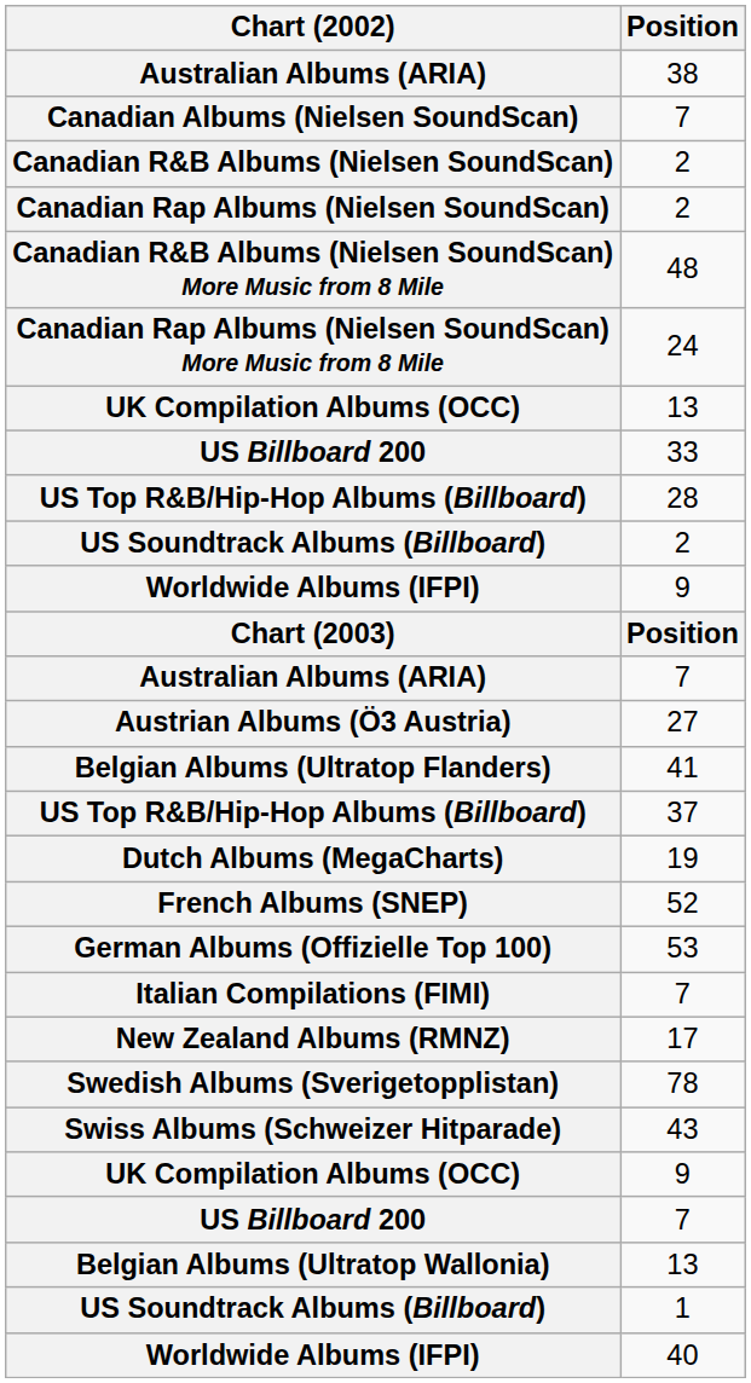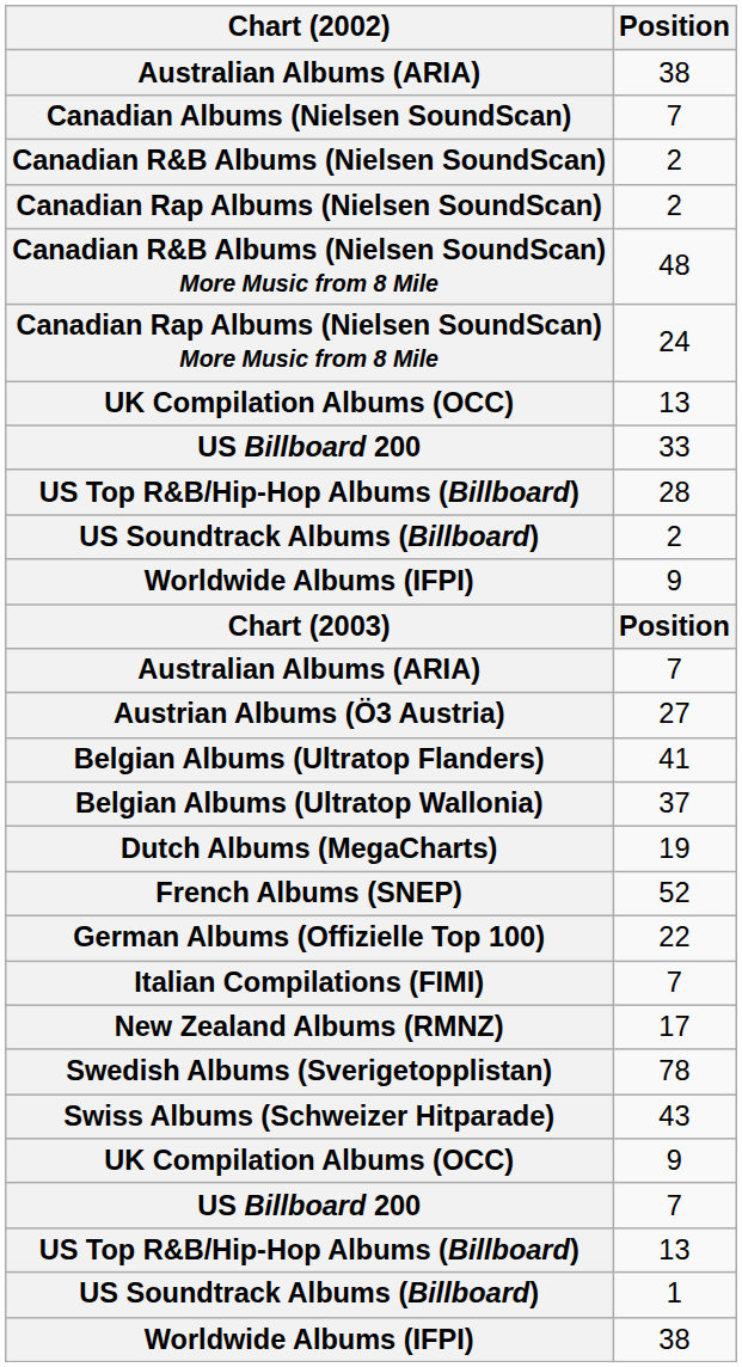 <table class="wikitable sortable plainrowheaders" style="text-align:center;">
 <tr>
 <th scope="col">Chart (2002)</th>
 <th scope="col">Position</th>
 </tr>
 <tr>
 <th scope="row">Australian Albums (ARIA)</th>
 <td>38</td>
 </tr>
 <tr>
 <th scope="row">Canadian Albums (Nielsen SoundScan)</th>
 <td>7</td>
 </tr>
 <tr>
 <th scope="row">Canadian R&B Albums (Nielsen SoundScan)</th>
 <td>2</td>
 </tr>
 <tr>
 <th scope="row">Canadian Rap Albums (Nielsen SoundScan)</th>
 <td>2</td>
 </tr>
 <tr>
 <th scope="row">Canadian R&B Albums (Nielsen SoundScan)<br><small><em>More Music from 8 Mile</em></small></th>
 <td>48</td>
 </tr>
 <tr>
 <th scope="row">Canadian Rap Albums (Nielsen SoundScan)<br><small><em>More Music from 8 Mile</em></small></th>
 <td>24</td>
 </tr>
 <tr>
 <th scope="row">UK Compilation Albums (OCC)</th>
 <td style="text-align:center;">13</td>
 </tr>
 <tr>
 <th scope="row">US <em>Billboard</em> 200</th>
 <td>33</td>
 </tr>
 <tr>
 <th scope="row">US Top R&B/Hip-Hop Albums (<em>Billboard</em>)</th>
 <td>28</td>
 </tr>
 <tr>
 <th scope="row">US Soundtrack Albums (<em>Billboard</em>)</th>
 <td>2</td>
 </tr>
 <tr>
 <th scope="row">Worldwide Albums (IFPI)</th>
 <td>9</td>
 </tr>
 <tr>
 <th scope="col">Chart (2003)</th>
 <th scope="col">Position</th>
 </tr>
 <tr>
 <th scope="row">Australian Albums (ARIA)</th>
 <td>7</td>
 </tr>
 <tr>
 <th scope="row">Austrian Albums (Ö3 Austria)</th>
 <td>27</td>
 </tr>
 <tr>
 <th scope="row">Belgian Albums (Ultratop Flanders)</th>
 <td>41</td>
 </tr>
 <tr>
-<th scope="row">US Top R&B/Hip-Hop Albums (<em>Billboard</em>)</th>
+<th scope="row">Belgian Albums (Ultratop Wallonia)</th>
 <td>37</td>
 </tr>
 <tr>
 <th scope="row">Dutch Albums (MegaCharts)</th>
 <td>19</td>
 </tr>
 <tr>
 <th scope="row">French Albums (SNEP)</th>
 <td>52</td>
 </tr>
 <tr>
 <th scope="row">German Albums (Offizielle Top 100)</th>
-<td>53</td>
+<td>22</td>
 </tr>
 <tr>
 <th scope="row">Italian Compilations (FIMI)</th>
 <td>7</td>
 </tr>
 <tr>
 <th scope="row">New Zealand Albums (RMNZ)</th>
 <td>17</td>
 </tr>
 <tr>
 <th scope="row">Swedish Albums (Sverigetopplistan)</th>
 <td>78</td>
 </tr>
 <tr>
 <th scope="row">Swiss Albums (Schweizer Hitparade)</th>
 <td>43</td>
 </tr>
 <tr>
 <th scope="row">UK Compilation Albums (OCC)</th>
 <td style="text-align:center;">9</td>
 </tr>
 <tr>
 <th scope="row">US <em>Billboard</em> 200</th>
 <td>7</td>
 </tr>
 <tr>
-<th scope="row">Belgian Albums (Ultratop Wallonia)</th>
+<th scope="row">US Top R&B/Hip-Hop Albums (<em>Billboard</em>)</th>
 <td>13</td>
 </tr>
 <tr>
 <th scope="row">US Soundtrack Albums (<em>Billboard</em>)</th>
 <td>1</td>
 </tr>
 <tr>
 <th scope="row">Worldwide Albums (IFPI)</th>
-<td>40</td>
+<td>38</td>
 </tr>
 </table>
